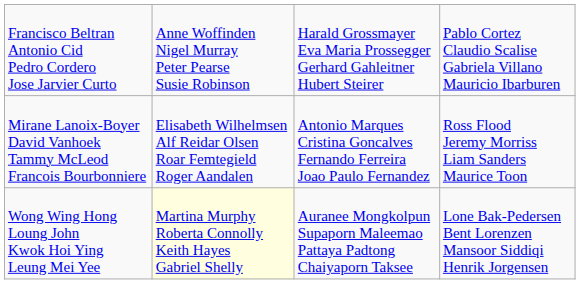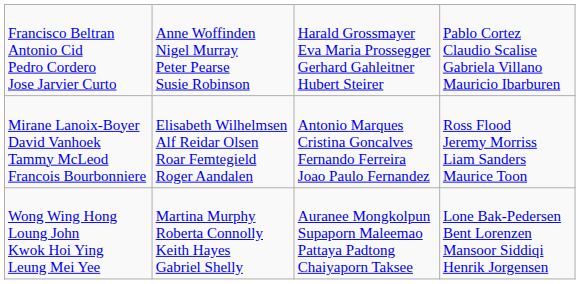 <table class="wikitable">
 <tr>
 <td style="vertical-align:top; width:220px"><br><a href='#'>Francisco Beltran</a><br><a href='#'>Antonio Cid</a><br><a href='#'>Pedro Cordero</a><br><a href='#'>Jose Jarvier Curto</a></td>
 <td style="vertical-align:top; width:220px"><br><a href='#'>Anne Woffinden</a><br><a href='#'>Nigel Murray</a><br><a href='#'>Peter Pearse</a><br><a href='#'>Susie Robinson</a></td>
 <td style="vertical-align:top; width:220px"><br><a href='#'>Harald Grossmayer</a><br><a href='#'>Eva Maria Prossegger</a><br><a href='#'>Gerhard Gahleitner</a><br><a href='#'>Hubert Steirer</a></td>
 <td style="vertical-align:top; width:220px"><br><a href='#'>Pablo Cortez</a><br><a href='#'>Claudio Scalise</a><br><a href='#'>Gabriela Villano</a><br><a href='#'>Mauricio Ibarburen</a></td>
 </tr>
 <tr>
 <td style="vertical-align:top; width:220px"><br><a href='#'>Mirane Lanoix-Boyer</a><br><a href='#'>David Vanhoek</a><br><a href='#'>Tammy McLeod</a><br><a href='#'>Francois Bourbonniere</a></td>
 <td style="vertical-align:top; width:220px"><br><a href='#'>Elisabeth Wilhelmsen</a><br><a href='#'>Alf Reidar Olsen</a><br><a href='#'>Roar Femtegield</a><br><a href='#'>Roger Aandalen</a></td>
 <td style="vertical-align:top; width:220px"><br><a href='#'>Antonio Marques</a><br><a href='#'>Cristina Goncalves</a><br><a href='#'>Fernando Ferreira</a><br><a href='#'>Joao Paulo Fernandez</a></td>
 <td style="vertical-align:top; width:220px"><br><a href='#'>Ross Flood</a><br><a href='#'>Jeremy Morriss</a><br><a href='#'>Liam Sanders</a><br><a href='#'>Maurice Toon</a></td>
 </tr>
 <tr>
 <td style="vertical-align:top; width:220px"><br><a href='#'>Wong Wing Hong</a><br><a href='#'>Loung John</a><br><a href='#'>Kwok Hoi Ying</a><br><a href='#'>Leung Mei Yee</a></td>
-<td style="background: lightyellow; vertical-align:top; width:220px"><br><a href='#'>Martina Murphy</a><br><a href='#'>Roberta Connolly</a><br><a href='#'>Keith Hayes</a><br><a href='#'>Gabriel Shelly</a></td>
+<td style="vertical-align:top; width:220px"><br><a href='#'>Martina Murphy</a><br><a href='#'>Roberta Connolly</a><br><a href='#'>Keith Hayes</a><br><a href='#'>Gabriel Shelly</a></td>
 <td style="vertical-align:top; width:220px"><br><a href='#'>Auranee Mongkolpun</a><br><a href='#'>Supaporn Maleemao</a><br><a href='#'>Pattaya Padtong</a><br><a href='#'>Chaiyaporn Taksee</a></td>
 <td style="vertical-align:top; width:220px"><br><a href='#'>Lone Bak-Pedersen</a><br><a href='#'>Bent Lorenzen</a><br><a href='#'>Mansoor Siddiqi</a><br><a href='#'>Henrik Jorgensen</a></td>
 </tr>
 </table>
